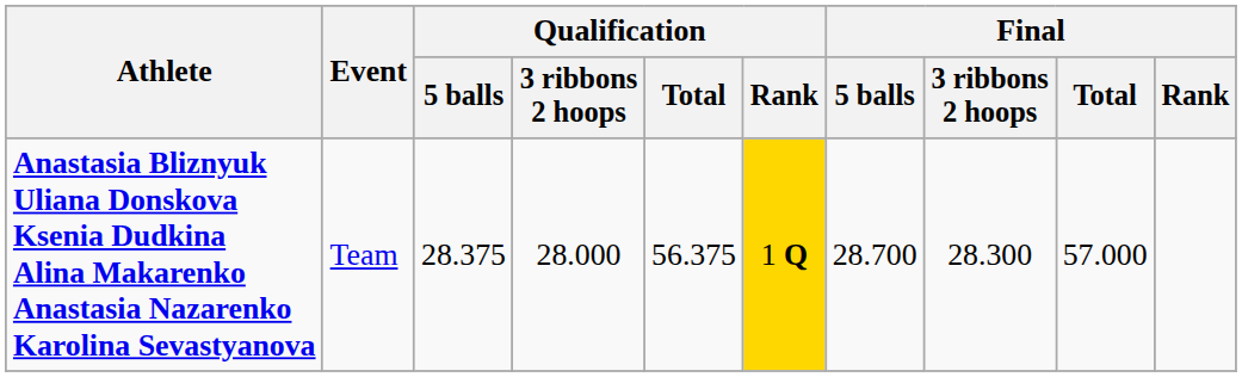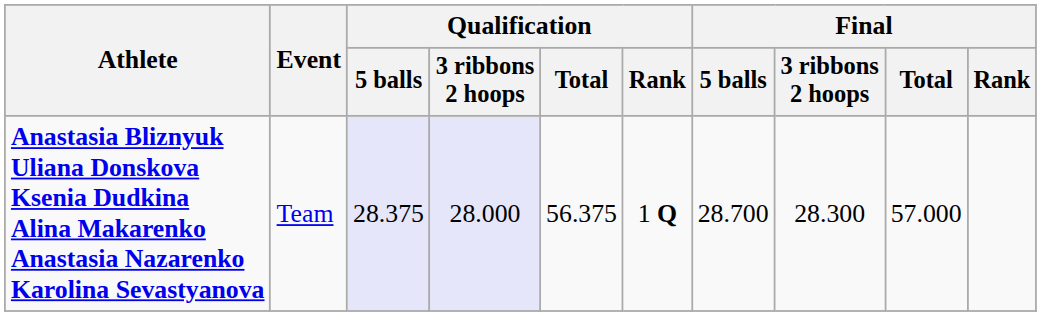 <table class="wikitable" style="font-size:90%">
 <tr>
 <th rowspan="2">Athlete</th>
 <th rowspan="2">Event</th>
 <th colspan="4">Qualification</th>
 <th colspan="4">Final</th>
 </tr>
 <tr style="font-size:95%">
 <th>5 balls</th>
 <th>3 ribbons<br>2 hoops</th>
 <th>Total</th>
 <th>Rank</th>
 <th>5 balls</th>
 <th>3 ribbons<br>2 hoops</th>
 <th>Total</th>
 <th>Rank</th>
 </tr>
 <tr align=center>
 <td align=left><strong><a href='#'>Anastasia Bliznyuk</a> <br><a href='#'>Uliana Donskova</a><br> <a href='#'>Ksenia Dudkina</a> <br> <a href='#'>Alina Makarenko</a> <br><a href='#'>Anastasia Nazarenko</a><br> <a href='#'>Karolina Sevastyanova</a></strong></td>
 <td align=left><a href='#'>Team</a></td>
-<td>28.375</td>
-<td>28.000</td>
+<td style="background: lavender;">28.375</td>
+<td style="background: lavender;">28.000</td>
 <td>56.375</td>
-<td style="background: gold;">1 <strong>Q</strong></td>
+<td>1 <strong>Q</strong></td>
 <td>28.700</td>
 <td>28.300</td>
 <td>57.000</td>
 <td></td>
 </tr>
 </table>
